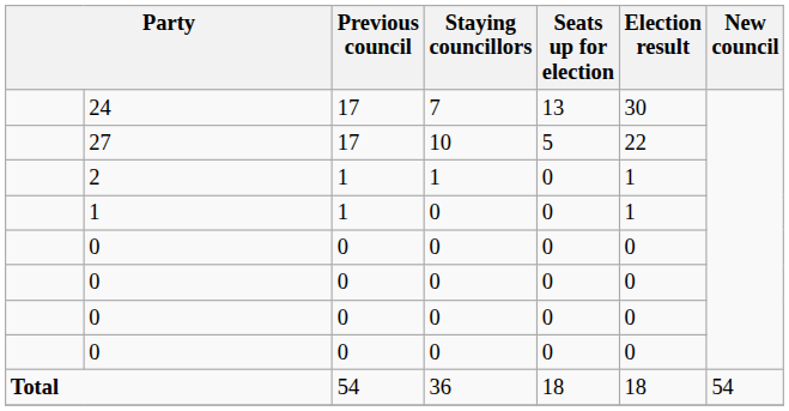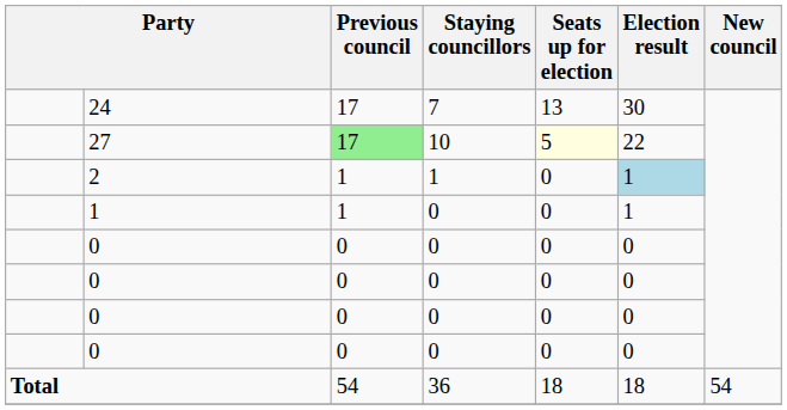 <table class="wikitable">
 <tr>
 <th valign=top colspan="2" style="width: 230px">Party</th>
 <th valign=top style="width: 30px">Previous council</th>
 <th valign=top style="width: 30px">Staying councillors</th>
 <th valign=top style="width: 30px">Seats up for election</th>
 <th valign=top style="width: 30px">Election result</th>
 <th valign=top style="width: 30px">New council</th>
 </tr>
 <tr>
 <td></td>
 <td>24</td>
 <td>17</td>
 <td>7</td>
 <td>13</td>
 <td>30</td>
 </tr>
 <tr>
 <td></td>
 <td>27</td>
-<td>17</td>
+<td style="background: lightgreen;">17</td>
 <td>10</td>
-<td>5</td>
+<td style="background: lightyellow;">5</td>
 <td>22</td>
 </tr>
 <tr>
 <td></td>
 <td>2</td>
 <td>1</td>
 <td>1</td>
 <td>0</td>
-<td>1</td>
+<td style="background: lightblue;">1</td>
 </tr>
 <tr>
 <td></td>
 <td>1</td>
 <td>1</td>
 <td>0</td>
 <td>0</td>
 <td>1</td>
 </tr>
 <tr>
 <td></td>
 <td>0</td>
 <td>0</td>
 <td>0</td>
 <td>0</td>
 <td>0</td>
 </tr>
 <tr>
 <td></td>
 <td>0</td>
 <td>0</td>
 <td>0</td>
 <td>0</td>
 <td>0</td>
 </tr>
 <tr>
 <td></td>
 <td>0</td>
 <td>0</td>
 <td>0</td>
 <td>0</td>
 <td>0</td>
 </tr>
 <tr>
 <td></td>
 <td>0</td>
 <td>0</td>
 <td>0</td>
 <td>0</td>
 <td>0</td>
 </tr>
 <tr>
 <td colspan="2"><strong>Total</strong></td>
 <td>54</td>
 <td>36</td>
 <td>18</td>
 <td>18</td>
 <td>54</td>
 </tr>
 <tr>
 </tr>
 </table>
